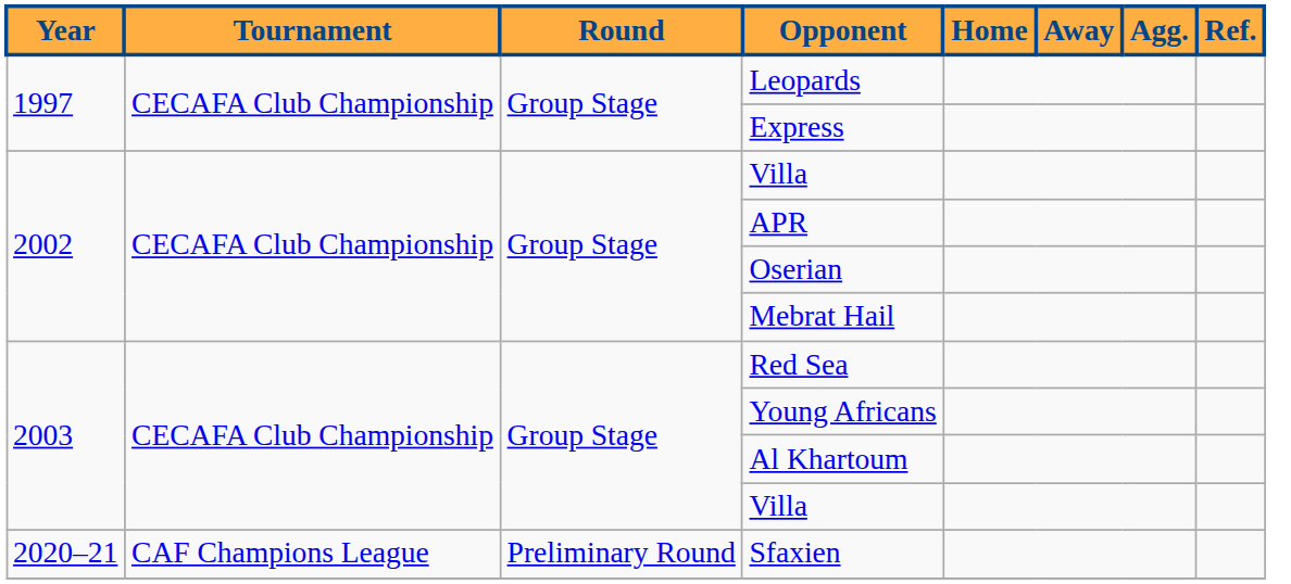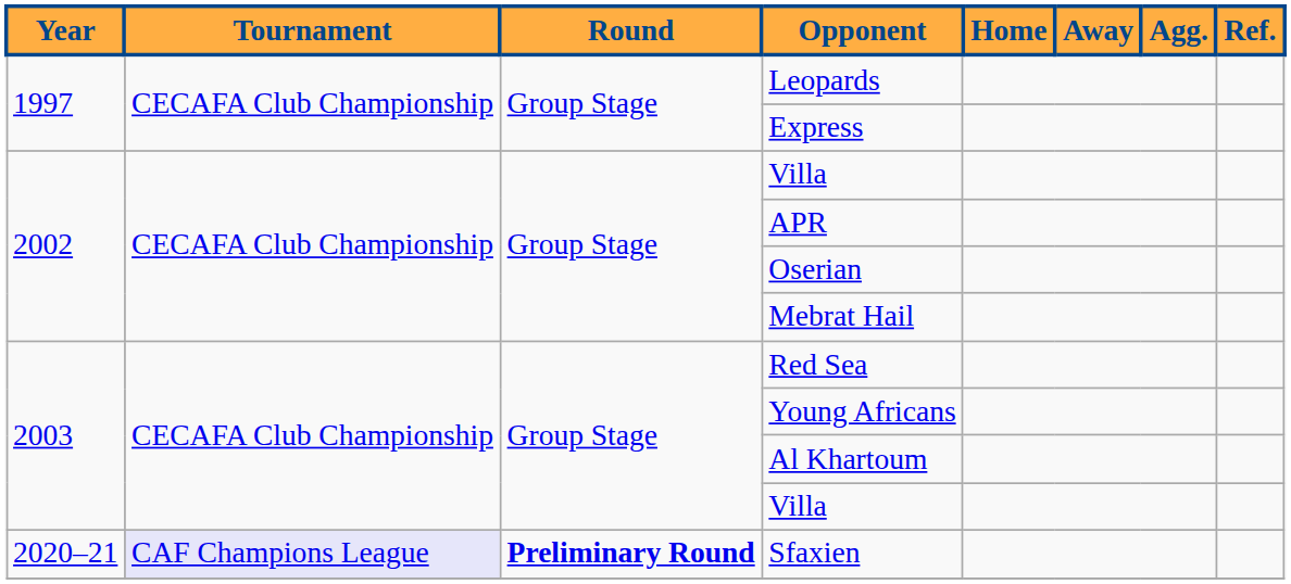 <table class="wikitable">
 <tr>
 <th style="background:#FFAE42; color:#00468C; border:2px solid #00468C;" scope="col">Year</th>
 <th style="background:#FFAE42; color:#00468C; border:2px solid #00468C;" scope="col">Tournament</th>
 <th style="background:#FFAE42; color:#00468C; border:2px solid #00468C;" scope="col">Round</th>
 <th style="background:#FFAE42; color:#00468C; border:2px solid #00468C;" scope="col">Opponent</th>
 <th style="background:#FFAE42; color:#00468C; border:2px solid #00468C;" scope="col">Home</th>
 <th style="background:#FFAE42; color:#00468C; border:2px solid #00468C;" scope="col">Away</th>
 <th style="background:#FFAE42; color:#00468C; border:2px solid #00468C;" scope="col">Agg.</th>
 <th style="background:#FFAE42; color:#00468C; border:2px solid #00468C;" scope="col">Ref.</th>
 </tr>
 <tr>
 <td rowspan=2><a href='#'>1997</a></td>
 <td rowspan=2><a href='#'>CECAFA Club Championship</a></td>
 <td rowspan=2><a href='#'>Group Stage</a></td>
 <td> <a href='#'>Leopards</a></td>
 <td colspan=3></td>
 <td></td>
 </tr>
 <tr>
 <td> <a href='#'>Express</a></td>
 <td colspan=3></td>
 <td></td>
 </tr>
 <tr>
 <td rowspan=4><a href='#'>2002</a></td>
 <td rowspan=4><a href='#'>CECAFA Club Championship</a></td>
 <td rowspan=4><a href='#'>Group Stage</a></td>
 <td> <a href='#'>Villa</a></td>
 <td colspan=3></td>
 <td></td>
 </tr>
 <tr>
 <td> <a href='#'>APR</a></td>
 <td colspan=3></td>
 <td></td>
 </tr>
 <tr>
 <td> <a href='#'>Oserian</a></td>
 <td colspan=3></td>
 <td></td>
 </tr>
 <tr>
 <td> <a href='#'>Mebrat Hail</a></td>
 <td colspan=3></td>
 <td></td>
 </tr>
 <tr>
 <td rowspan=4><a href='#'>2003</a></td>
 <td rowspan=4><a href='#'>CECAFA Club Championship</a></td>
 <td rowspan=4><a href='#'>Group Stage</a></td>
 <td> <a href='#'>Red Sea</a></td>
 <td colspan=3></td>
 <td></td>
 </tr>
 <tr>
 <td> <a href='#'>Young Africans</a></td>
 <td colspan=3></td>
 <td></td>
 </tr>
 <tr>
 <td> <a href='#'>Al Khartoum</a></td>
 <td colspan=3></td>
 <td></td>
 </tr>
 <tr>
 <td> <a href='#'>Villa</a></td>
 <td colspan=3></td>
 <td></td>
 </tr>
 <tr>
 <td><a href='#'>2020–21</a></td>
-<td><a href='#'>CAF Champions League</a></td>
-<td><a href='#'>Preliminary Round</a></td>
+<td style="background: lavender;"><a href='#'>CAF Champions League</a></td>
+<td><strong><a href='#'>Preliminary Round</a></strong></td>
 <td> <a href='#'>Sfaxien</a></td>
 <td colspan=3></td>
 <td></td>
 </tr>
 <tr>
 </tr>
 </table>
